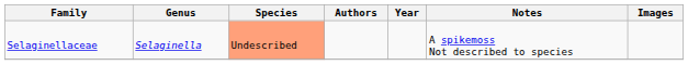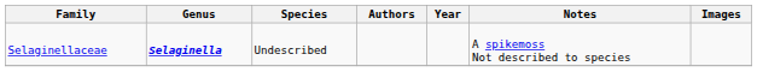 <table class="wikitable sortable"  style="margin:auto; width:100%;">
 <tr>
 <th>Family</th>
 <th>Genus</th>
 <th>Species</th>
 <th>Authors</th>
 <th>Year</th>
 <th>Notes</th>
 <th>Images</th>
 </tr>
 <tr>
 <td><br><a href='#'>Selaginellaceae</a></td>
-<td><br><em><a href='#'>Selaginella</a></em></td>
-<td style="background: lightsalmon;"><br>Undescribed</td>
+<td><strong><br><em><a href='#'>Selaginella</a></em></strong></td>
+<td><br>Undescribed</td>
 <td></td>
 <td></td>
 <td><br>A <a href='#'>spikemoss</a><br> Not described to species</td>
 <td><br></td>
 </tr>
 <tr>
 </tr>
 </table>
